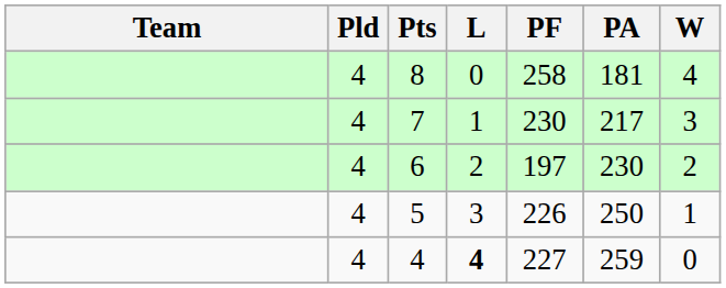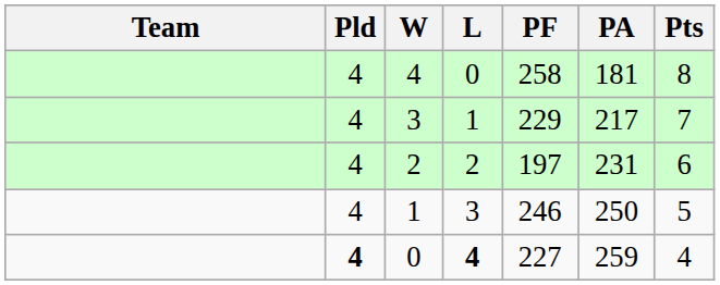 <table class="wikitable" style="text-align:center;">
 <tr>
 <th width=170>Team</th>
 <th width=25>Pld</th>
-<th width=25>Pts</th>
+<th width=25>W</th>
 <th width=25>L</th>
 <th width=35>PF</th>
 <th width=35>PA</th>
-<th width=25>W</th>
+<th width=25>Pts</th>
 </tr>
 <tr bgcolor=#ccffcc>
 <td align="left"></td>
 <td>4</td>
-<td>8</td>
+<td>4</td>
 <td>0</td>
 <td>258</td>
 <td>181</td>
-<td>4</td>
+<td>8</td>
 </tr>
 <tr bgcolor=#ccffcc>
 <td align="left"><em></em></td>
 <td>4</td>
+<td>3</td>
+<td>1</td>
+<td>229</td>
+<td>217</td>
 <td>7</td>
-<td>1</td>
-<td>230</td>
-<td>217</td>
-<td>3</td>
 </tr>
 <tr bgcolor=#ccffcc>
 <td align="left"></td>
 <td>4</td>
-<td>6</td>
+<td>2</td>
 <td>2</td>
 <td>197</td>
-<td>230</td>
-<td>2</td>
+<td>231</td>
+<td>6</td>
 </tr>
 <tr bgcolor=>
 <td align="left"></td>
 <td>4</td>
+<td>1</td>
+<td>3</td>
+<td>246</td>
+<td>250</td>
 <td>5</td>
-<td>3</td>
-<td>226</td>
-<td>250</td>
-<td>1</td>
 </tr>
 <tr bgcolor=>
 <td align="left"></td>
-<td>4</td>
-<td>4</td>
+<td><strong>4</strong></td>
+<td>0</td>
 <td><strong>4</strong></td>
 <td>227</td>
 <td>259</td>
-<td>0</td>
+<td>4</td>
 </tr>
 </table>
